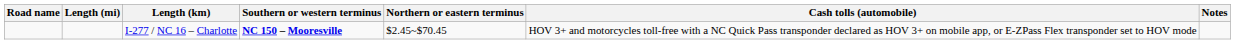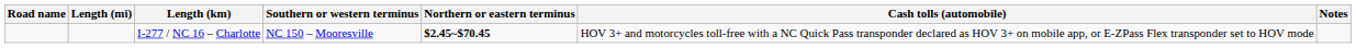 <table class=wikitable>
 <tr>
 <th scope=col>Road name</th>
 <th scope=col nowrap>Length (mi)</th>
 <th scope=col nowrap>Length (km)</th>
 <th scope=col nowrap>Southern or western terminus</th>
 <th scope=col nowrap>Northern or eastern terminus</th>
 <th scope=col nowrap>Cash tolls (automobile)</th>
 <th scope=col>Notes</th>
 </tr>
 <tr>
 <td></td>
 <td></td>
 <td><a href='#'>I-277</a> / <a href='#'>NC 16</a> – <a href='#'>Charlotte</a></td>
-<td><strong><a href='#'>NC 150</a> – <a href='#'>Mooresville</a></strong></td>
-<td>$2.45~$70.45</td>
+<td><a href='#'>NC 150</a> – <a href='#'>Mooresville</a></td>
+<td><strong>$2.45~$70.45</strong></td>
 <td>HOV 3+ and motorcycles toll-free with a NC Quick Pass transponder declared as HOV 3+ on mobile app, or E-ZPass Flex transponder set to HOV mode</td>
 </tr>
 </table>
